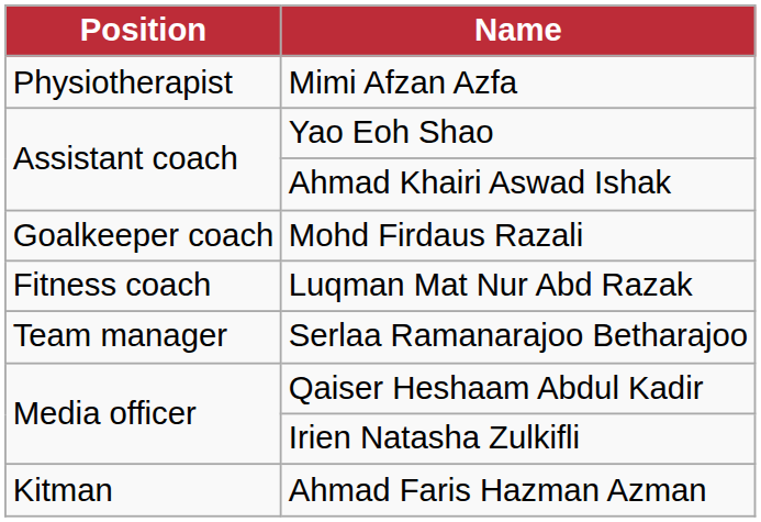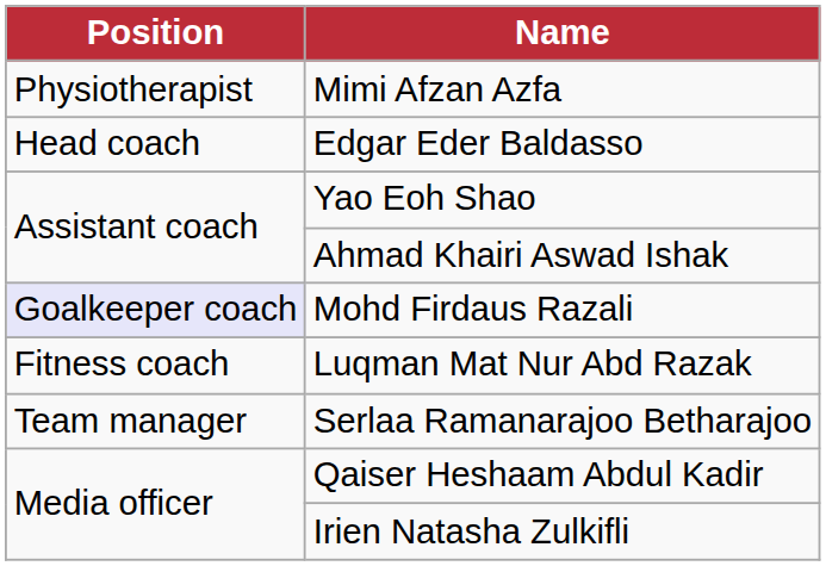 <table class="wikitable">
 <tr>
 <th style="background:#bd2c38; color:white;">Position</th>
 <th style="background:#bd2c38; color:white;">Name</th>
 </tr>
 <tr>
 <td>Physiotherapist</td>
 <td> Mimi Afzan Azfa</td>
 </tr>
 <tr>
+<td>Head coach</td>
+<td> Edgar Eder Baldasso</td>
+</tr>
+<tr>
 <td rowspan="2">Assistant coach</td>
 <td> Yao Eoh Shao</td>
 </tr>
 <tr>
 <td> Ahmad Khairi Aswad Ishak</td>
 </tr>
 <tr>
-<td>Goalkeeper coach</td>
+<td style="background: lavender;">Goalkeeper coach</td>
 <td> Mohd Firdaus Razali</td>
 </tr>
 <tr>
 <td>Fitness coach</td>
 <td> Luqman Mat Nur Abd Razak</td>
 </tr>
 <tr>
 <td>Team manager</td>
 <td> Serlaa Ramanarajoo Betharajoo</td>
 </tr>
 <tr>
 <td rowspan="2">Media officer</td>
 <td> Qaiser Heshaam Abdul Kadir</td>
 </tr>
 <tr>
 <td> Irien Natasha Zulkifli</td>
 </tr>
-<tr>
-<td>Kitman</td>
-<td> Ahmad Faris Hazman Azman</td>
-</tr>
 </table>
